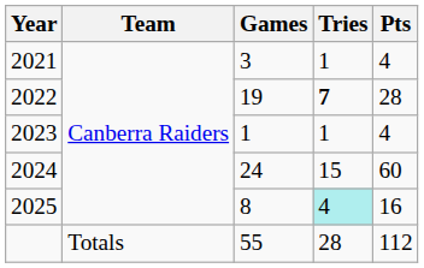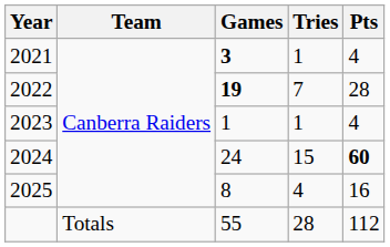 <table class="wikitable">
 <tr>
 <th>Year</th>
 <th>Team</th>
 <th>Games</th>
 <th>Tries</th>
 <th>Pts</th>
 </tr>
 <tr>
 <td>2021</td>
 <td rowspan="5"> <a href='#'>Canberra Raiders</a></td>
-<td>3</td>
+<td><strong>3</strong></td>
 <td>1</td>
 <td>4</td>
 </tr>
 <tr>
 <td>2022</td>
-<td>19</td>
-<td><strong>7</strong></td>
+<td><strong>19</strong></td>
+<td>7</td>
 <td>28</td>
 </tr>
 <tr>
 <td>2023</td>
 <td>1</td>
 <td>1</td>
 <td>4</td>
 </tr>
 <tr>
 <td>2024</td>
 <td>24</td>
 <td>15</td>
-<td>60</td>
+<td><strong>60</strong></td>
 </tr>
 <tr>
 <td>2025</td>
 <td>8</td>
-<td style="background: paleturquoise;">4</td>
+<td>4</td>
 <td>16</td>
 </tr>
 <tr>
 <td></td>
 <td>Totals</td>
 <td>55</td>
 <td>28</td>
 <td>112</td>
 </tr>
 </table>
